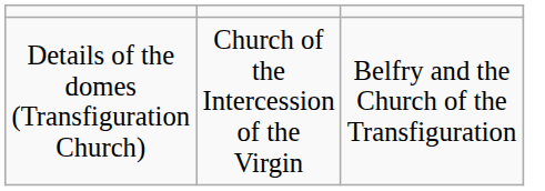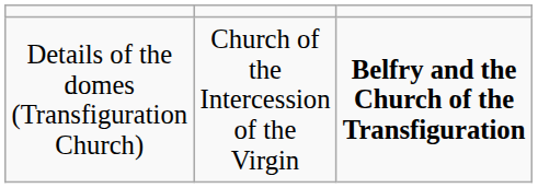 <table Class = "wikitable" style="text-align: center" style="margin:1em auto;">
 <tr>
 <td Width = "33 %"></td>
 <td Width = "33 %"></td>
 <td Width = "33 %"></td>
 </tr>
 <tr>
 <td>Details of the domes (Transfiguration Church)</td>
 <td>Church of the Intercession of the Virgin</td>
-<td>Belfry and the Church of the Transfiguration</td>
+<td><strong>Belfry and the Church of the Transfiguration</strong></td>
 </tr>
 </table>
